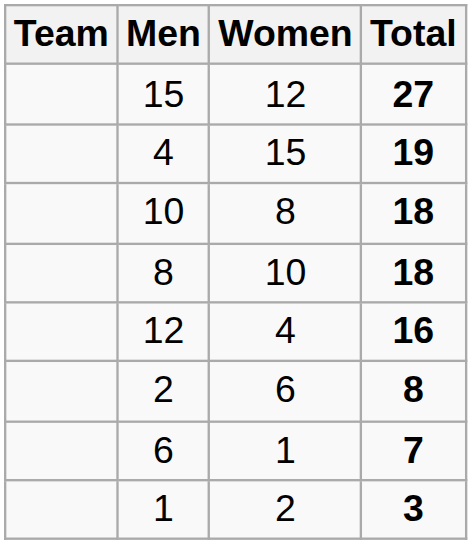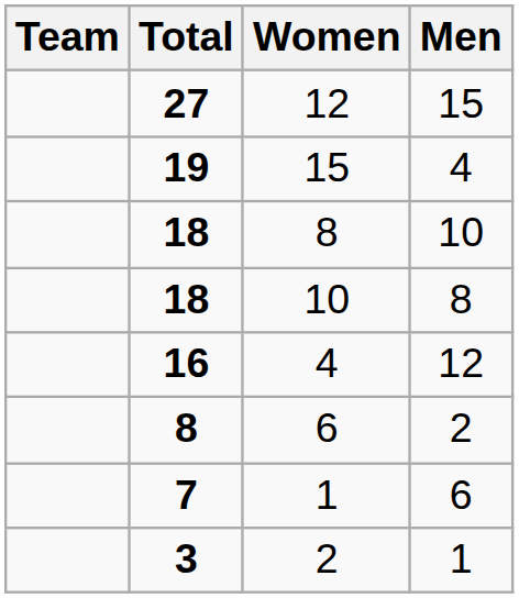 <table class=wikitable style="text-align:center">
 <tr>
 <th>Team</th>
+<th>Total</th>
+<th>Women</th>
 <th>Men</th>
-<th>Women</th>
-<th>Total</th>
 </tr>
 <tr>
 <td style="text-align:left"></td>
+<td><strong>27</strong></td>
+<td>12</td>
 <td>15</td>
-<td>12</td>
-<td><strong>27</strong></td>
 </tr>
 <tr>
 <td style="text-align:left"></td>
+<td><strong>19</strong></td>
+<td>15</td>
 <td>4</td>
-<td>15</td>
-<td><strong>19</strong></td>
 </tr>
 <tr>
 <td style="text-align:left"></td>
+<td><strong>18</strong></td>
+<td>8</td>
 <td>10</td>
-<td>8</td>
-<td><strong>18</strong></td>
 </tr>
 <tr>
 <td style="text-align:left"></td>
+<td><strong>18</strong></td>
+<td>10</td>
 <td>8</td>
-<td>10</td>
-<td><strong>18</strong></td>
 </tr>
 <tr>
 <td style="text-align:left"></td>
+<td><strong>16</strong></td>
+<td>4</td>
 <td>12</td>
-<td>4</td>
-<td><strong>16</strong></td>
 </tr>
 <tr>
 <td style="text-align:left"></td>
+<td><strong>8</strong></td>
+<td>6</td>
 <td>2</td>
-<td>6</td>
-<td><strong>8</strong></td>
 </tr>
 <tr>
 <td style="text-align:left"></td>
+<td><strong>7</strong></td>
+<td>1</td>
 <td>6</td>
-<td>1</td>
-<td><strong>7</strong></td>
 </tr>
 <tr>
 <td style="text-align:left"></td>
+<td><strong>3</strong></td>
+<td>2</td>
 <td>1</td>
-<td>2</td>
-<td><strong>3</strong></td>
 </tr>
 </table>
